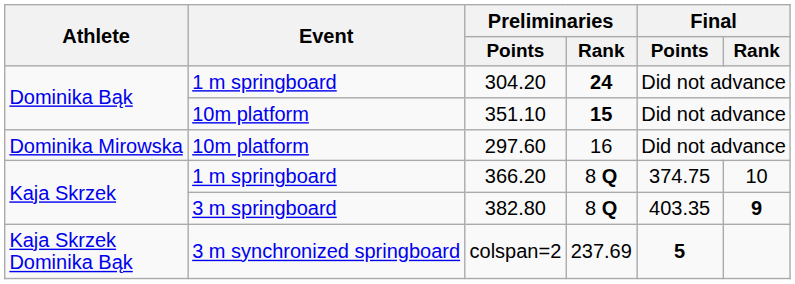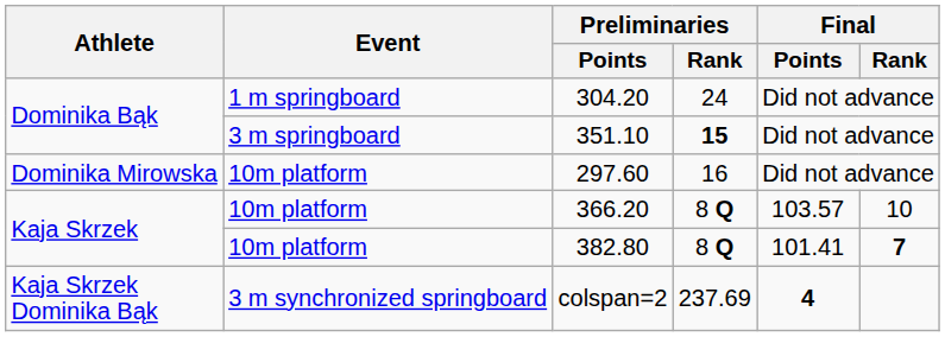 <table class="wikitable" style="font-size:90%">
 <tr>
 <th rowspan="2">Athlete</th>
 <th rowspan="2">Event</th>
 <th colspan=2>Preliminaries</th>
 <th colspan=2>Final</th>
 </tr>
 <tr style="font-size:95%">
 <th>Points</th>
 <th>Rank</th>
 <th>Points</th>
 <th>Rank</th>
 </tr>
 <tr align=center>
 <td align=left rowspan=2><a href='#'>Dominika Bąk</a></td>
 <td align=left><a href='#'>1 m springboard</a></td>
 <td>304.20</td>
-<td><strong>24</strong></td>
+<td>24</td>
 <td colspan=2>Did not advance</td>
 </tr>
 <tr align=center>
-<td align=left><a href='#'>10m platform</a></td>
+<td align=left><a href='#'>3 m springboard</a></td>
 <td>351.10</td>
 <td><strong>15</strong></td>
 <td colspan=2>Did not advance</td>
 </tr>
 <tr align=center>
 <td align=left><a href='#'>Dominika Mirowska</a></td>
 <td align=left><a href='#'>10m platform</a></td>
 <td>297.60</td>
 <td>16</td>
 <td colspan=2>Did not advance</td>
 </tr>
 <tr align=center>
 <td align=left rowspan=2><a href='#'>Kaja Skrzek</a></td>
-<td align=left><a href='#'>1 m springboard</a></td>
+<td align=left><a href='#'>10m platform</a></td>
 <td>366.20</td>
 <td>8 <strong>Q</strong></td>
-<td>374.75</td>
+<td>103.57</td>
 <td>10</td>
 </tr>
 <tr align=center>
-<td align=left><a href='#'>3 m springboard</a></td>
+<td align=left><a href='#'>10m platform</a></td>
 <td>382.80</td>
 <td>8 <strong>Q</strong></td>
-<td>403.35</td>
-<td><strong>9</strong></td>
+<td>101.41</td>
+<td><strong>7</strong></td>
 </tr>
 <tr align=center>
 <td align=left rowspan=1><a href='#'>Kaja Skrzek</a><br><a href='#'>Dominika Bąk</a></td>
 <td align=left><a href='#'>3 m synchronized springboard</a></td>
 <td>colspan=2 </td>
 <td>237.69</td>
-<td><strong>5</strong></td>
+<td><strong>4</strong></td>
 </tr>
 </table>
